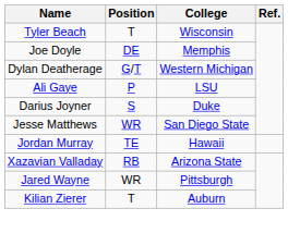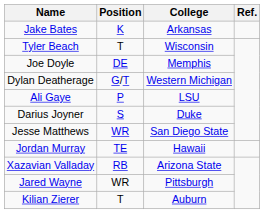 <table class="wikitable" style="text-align:center">
 <tr>
 <th>Name</th>
 <th>Position</th>
 <th>College</th>
 <th>Ref.</th>
+</tr>
+<tr>
+<td><a href='#'>Jake Bates</a></td>
+<td><a href='#'>K</a></td>
+<td><a href='#'>Arkansas</a></td>
+<td></td>
 </tr>
 <tr>
 <td><a href='#'>Tyler Beach</a></td>
 <td>T</td>
 <td><a href='#'>Wisconsin</a></td>
 <td rowspan="6"></td>
 </tr>
 <tr>
 <td>Joe Doyle</td>
 <td><a href='#'>DE</a></td>
 <td><a href='#'>Memphis</a></td>
 </tr>
 <tr>
 <td>Dylan Deatherage</td>
 <td><a href='#'>G</a>/<a href='#'>T</a></td>
 <td><a href='#'>Western Michigan</a></td>
 </tr>
 <tr>
 <td><a href='#'>Ali Gaye</a></td>
 <td><a href='#'>P</a></td>
 <td><a href='#'>LSU</a></td>
 </tr>
 <tr>
 <td>Darius Joyner</td>
 <td><a href='#'>S</a></td>
 <td><a href='#'>Duke</a></td>
 </tr>
 <tr>
 <td>Jesse Matthews</td>
 <td><a href='#'>WR</a></td>
 <td><a href='#'>San Diego State</a></td>
 </tr>
 <tr>
 <td><a href='#'>Jordan Murray</a></td>
 <td><a href='#'>TE</a></td>
 <td><a href='#'>Hawaii</a></td>
 <td></td>
 </tr>
 <tr>
 <td><a href='#'>Xazavian Valladay</a></td>
 <td><a href='#'>RB</a></td>
 <td><a href='#'>Arizona State</a></td>
 <td rowspan="3"></td>
 </tr>
 <tr>
 <td><a href='#'>Jared Wayne</a></td>
 <td>WR</td>
 <td><a href='#'>Pittsburgh</a></td>
 </tr>
 <tr>
 <td><a href='#'>Kilian Zierer</a></td>
 <td>T</td>
 <td><a href='#'>Auburn</a></td>
 </tr>
 </table>
